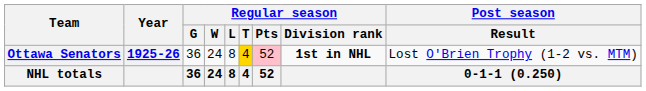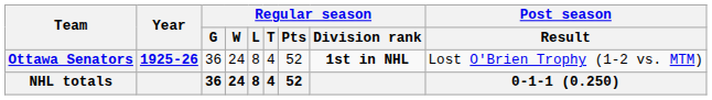 <table class="wikitable" style="font-size: 95%; text-align:center;">
 <tr>
 <th rowspan="2">Team</th>
 <th rowspan="2">Year</th>
 <th colspan="6"><a href='#'>Regular season</a></th>
 <th colspan="1"><a href='#'>Post season</a></th>
 </tr>
 <tr>
 <th>G</th>
 <th>W</th>
 <th>L</th>
 <th>T</th>
 <th>Pts</th>
 <th>Division rank</th>
 <th>Result</th>
 </tr>
 <tr>
 <th><a href='#'>Ottawa Senators</a></th>
 <th><a href='#'>1925-26</a></th>
 <td>36</td>
 <td>24</td>
 <td>8</td>
-<td style="background: gold;">4</td>
-<td style="background: pink;">52</td>
+<td>4</td>
+<td>52</td>
 <td><strong>1st in NHL</strong></td>
 <td>Lost <a href='#'>O'Brien Trophy</a> (1-2 vs. <a href='#'>MTM</a>)</td>
 </tr>
 <tr align="centre" bgcolor="#dddddd">
 <th>NHL totals</th>
 <th></th>
 <th>36</th>
 <th>24</th>
 <th>8</th>
 <th>4</th>
 <th>52</th>
 <th></th>
 <th>0-1-1 (0.250)</th>
 </tr>
 </table>
